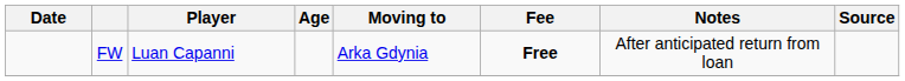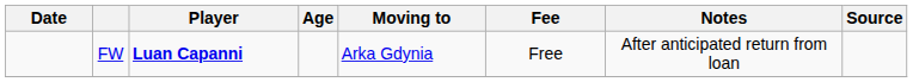 <table class="wikitable sortable">
 <tr>
 <th style="width:105px">Date</th>
 <th style="width:30px"></th>
 <th style="width:220px">Player</th>
 <th style="width:20px">Age</th>
 <th style="width:190px">Moving to</th>
 <th style="width:160px">Fee</th>
 <th style="width:320px" class="unsortable">Notes</th>
 <th style="width:35px">Source</th>
 </tr>
 <tr>
 <td></td>
 <td style="text-align:center"><a href='#'>FW</a></td>
-<td> <a href='#'>Luan Capanni</a></td>
+<td><strong> <a href='#'>Luan Capanni</a></strong></td>
 <td style="text-align:center"></td>
 <td> <a href='#'>Arka Gdynia</a></td>
-<td style="text-align:center"><strong>Free</strong></td>
+<td style="text-align:center">Free</td>
 <td style="text-align:center">After anticipated return from loan</td>
 <td></td>
 </tr>
 <tr>
 </tr>
 </table>
